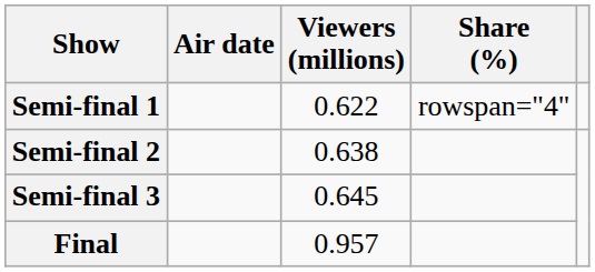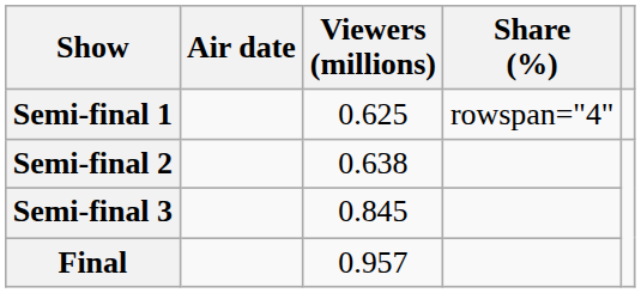 <table class="wikitable plainrowheaders sortable" style="text-align:center">
 <tr>
 <th scope="col" class="unsortable">Show</th>
 <th scope="col">Air date</th>
 <th scope="col">Viewers<br>(millions)</th>
 <th scope="col">Share<br>(%)</th>
 <th scope="col" class="unsortable"></th>
 </tr>
 <tr>
 <th scope="row">Semi-final 1</th>
 <td></td>
-<td>0.622</td>
+<td>0.625</td>
 <td>rowspan="4" </td>
 <td></td>
 </tr>
 <tr>
 <th scope="row">Semi-final 2</th>
 <td></td>
 <td>0.638</td>
 <td></td>
 </tr>
 <tr>
 <th scope="row">Semi-final 3</th>
 <td></td>
-<td>0.645</td>
+<td>0.845</td>
 <td></td>
 </tr>
 <tr>
 <th scope="row">Final</th>
 <td></td>
 <td>0.957</td>
 <td></td>
 </tr>
 </table>
